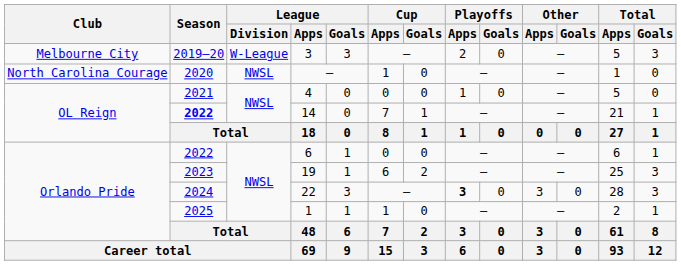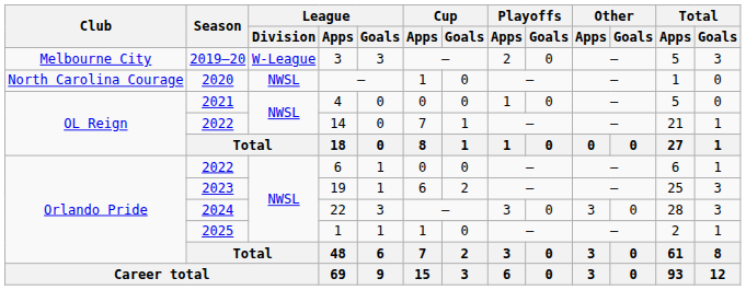 <table class="wikitable" style="text-align: center;">
 <tr>
 <th rowspan="2">Club</th>
 <th rowspan="2">Season</th>
 <th colspan="3">League</th>
 <th colspan="2">Cup</th>
 <th colspan="2">Playoffs</th>
 <th colspan="2">Other</th>
 <th colspan="2">Total</th>
 </tr>
 <tr>
 <th>Division</th>
 <th>Apps</th>
 <th>Goals</th>
 <th>Apps</th>
 <th>Goals</th>
 <th>Apps</th>
 <th>Goals</th>
 <th>Apps</th>
 <th>Goals</th>
 <th>Apps</th>
 <th>Goals</th>
 </tr>
 <tr>
 <td><a href='#'>Melbourne City</a></td>
 <td><a href='#'>2019–20</a></td>
 <td><a href='#'>W-League</a></td>
 <td>3</td>
 <td>3</td>
 <td colspan="2">—</td>
 <td>2</td>
 <td>0</td>
 <td colspan="2">—</td>
 <td>5</td>
 <td>3</td>
 </tr>
 <tr>
 <td><a href='#'>North Carolina Courage</a></td>
 <td><a href='#'>2020</a></td>
 <td><a href='#'>NWSL</a></td>
 <td colspan="2">—</td>
 <td>1</td>
 <td>0</td>
 <td colspan="2">—</td>
 <td colspan="2">—</td>
 <td>1</td>
 <td>0</td>
 </tr>
 <tr>
 <td rowspan=3><a href='#'>OL Reign</a></td>
 <td><a href='#'>2021</a></td>
 <td rowspan=2><a href='#'>NWSL</a></td>
 <td>4</td>
 <td>0</td>
 <td>0</td>
 <td>0</td>
 <td>1</td>
 <td>0</td>
 <td colspan="2">—</td>
 <td>5</td>
 <td>0</td>
 </tr>
 <tr>
-<td><strong><a href='#'>2022</a></strong></td>
+<td><a href='#'>2022</a></td>
 <td>14</td>
 <td>0</td>
 <td>7</td>
 <td>1</td>
 <td colspan="2">—</td>
 <td colspan="2">—</td>
 <td>21</td>
 <td>1</td>
 </tr>
 <tr>
 <th colspan="2">Total</th>
 <th>18</th>
 <th>0</th>
 <th>8</th>
 <th>1</th>
 <th>1</th>
 <th>0</th>
 <th>0</th>
 <th>0</th>
 <th>27</th>
 <th>1</th>
 </tr>
 <tr>
 <td rowspan="5"><a href='#'>Orlando Pride</a></td>
 <td><a href='#'>2022</a></td>
 <td rowspan="4"><a href='#'>NWSL</a></td>
 <td>6</td>
 <td>1</td>
 <td>0</td>
 <td>0</td>
 <td colspan="2">—</td>
 <td colspan="2">—</td>
 <td>6</td>
 <td>1</td>
 </tr>
 <tr>
 <td><a href='#'>2023</a></td>
 <td>19</td>
 <td>1</td>
 <td>6</td>
 <td>2</td>
 <td colspan="2">—</td>
 <td colspan="2">—</td>
 <td>25</td>
 <td>3</td>
 </tr>
 <tr>
 <td><a href='#'>2024</a></td>
 <td>22</td>
 <td>3</td>
 <td colspan="2">—</td>
-<td><strong>3</strong></td>
+<td>3</td>
 <td>0</td>
 <td>3</td>
 <td>0</td>
 <td>28</td>
 <td>3</td>
 </tr>
 <tr>
 <td><a href='#'>2025</a></td>
 <td>1</td>
 <td>1</td>
 <td>1</td>
 <td>0</td>
 <td colspan="2">—</td>
 <td colspan="2">—</td>
 <td>2</td>
 <td>1</td>
 </tr>
 <tr>
 <th colspan="2">Total</th>
 <th>48</th>
 <th>6</th>
 <th>7</th>
 <th>2</th>
 <th>3</th>
 <th>0</th>
 <th>3</th>
 <th>0</th>
 <th>61</th>
 <th>8</th>
 </tr>
 <tr>
 <th colspan="3">Career total</th>
 <th>69</th>
 <th>9</th>
 <th>15</th>
 <th>3</th>
 <th>6</th>
 <th>0</th>
 <th>3</th>
 <th>0</th>
 <th>93</th>
 <th>12</th>
 </tr>
 </table>
